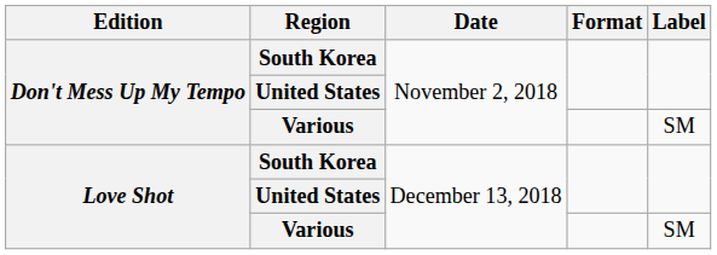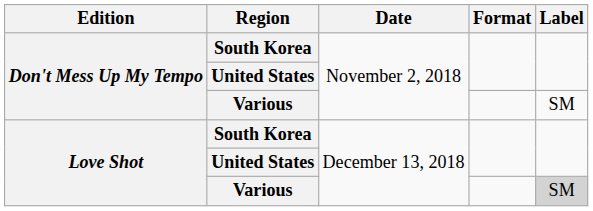 <table class="wikitable plainrowheaders" style="text-align:center">
 <tr>
 <th>Edition</th>
 <th>Region</th>
 <th>Date</th>
 <th>Format</th>
 <th>Label</th>
 </tr>
 <tr>
 <th scope="row" rowspan="3"><em>Don't Mess Up My Tempo</em></th>
 <th scope="row">South Korea</th>
 <td rowspan="3">November 2, 2018</td>
 <td rowspan="2"></td>
 <td rowspan="2"></td>
 </tr>
 <tr>
 <th scope="row">United States</th>
 </tr>
 <tr>
 <th scope="row">Various</th>
 <td></td>
 <td>SM</td>
 </tr>
 <tr>
 <th scope="row" rowspan="3"><em>Love Shot</em></th>
 <th scope="row">South Korea</th>
 <td rowspan="3">December 13, 2018</td>
 <td rowspan="2"></td>
 <td rowspan="2"></td>
 </tr>
 <tr>
 <th scope="row">United States</th>
 </tr>
 <tr>
 <th scope="row">Various</th>
 <td></td>
-<td>SM</td>
+<td style="background: lightgrey;">SM</td>
 </tr>
 </table>
